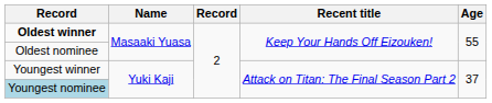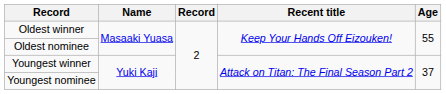 <table class="wikitable plainrowheaders sortable" style="text-align:center;margin:auto;">
 <tr>
 <th>Record</th>
 <th>Name</th>
 <th>Record</th>
 <th>Recent title</th>
 <th>Age</th>
 </tr>
 <tr>
-<td><strong>Oldest winner</strong></td>
+<td>Oldest winner</td>
 <td rowspan="2"><a href='#'>Masaaki Yuasa</a></td>
 <td rowspan="4">2</td>
 <td rowspan="2"><em><a href='#'>Keep Your Hands Off Eizouken!</a></em></td>
 <td rowspan="2">55</td>
 </tr>
 <tr>
 <td>Oldest nominee</td>
 </tr>
 <tr>
 <td>Youngest winner</td>
 <td rowspan="2"><a href='#'>Yuki Kaji</a></td>
 <td rowspan="2"><em><a href='#'>Attack on Titan: The Final Season Part 2</a></em></td>
 <td rowspan="2">37</td>
 </tr>
 <tr>
-<td style="background: lightblue;">Youngest nominee</td>
+<td>Youngest nominee</td>
 </tr>
 </table>
